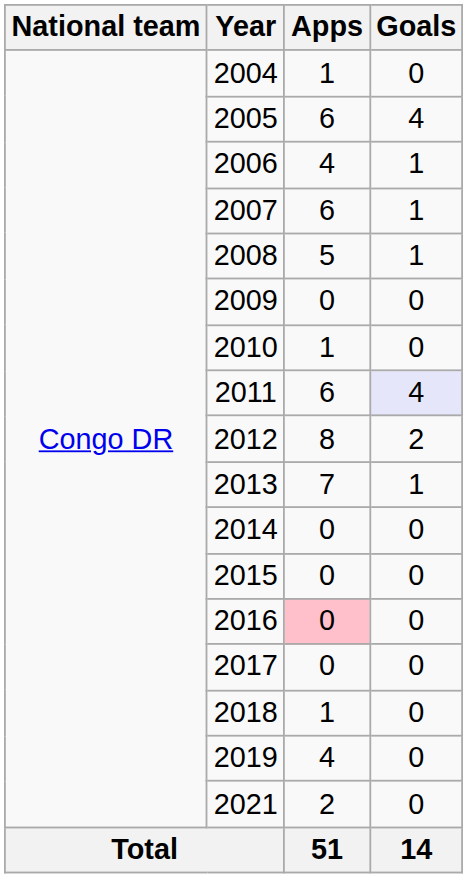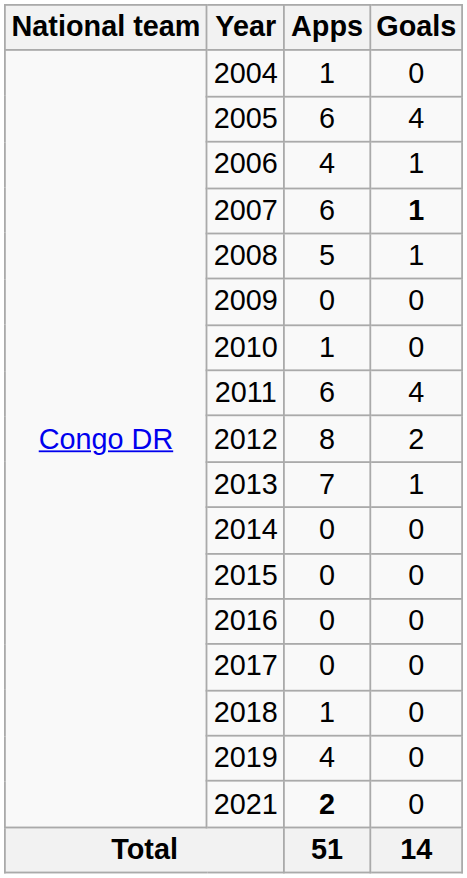 <table class="wikitable" style="text-align:center">
 <tr>
 <th>National team</th>
 <th>Year</th>
 <th>Apps</th>
 <th>Goals</th>
 </tr>
 <tr>
 <td rowspan="17"><a href='#'>Congo DR</a></td>
 <td>2004</td>
 <td>1</td>
 <td>0</td>
 </tr>
 <tr>
 <td>2005</td>
 <td>6</td>
 <td>4</td>
 </tr>
 <tr>
 <td>2006</td>
 <td>4</td>
 <td>1</td>
 </tr>
 <tr>
 <td>2007</td>
 <td>6</td>
-<td>1</td>
+<td><strong>1</strong></td>
 </tr>
 <tr>
 <td>2008</td>
 <td>5</td>
 <td>1</td>
 </tr>
 <tr>
 <td>2009</td>
 <td>0</td>
 <td>0</td>
 </tr>
 <tr>
 <td>2010</td>
 <td>1</td>
 <td>0</td>
 </tr>
 <tr>
 <td>2011</td>
 <td>6</td>
-<td style="background: lavender;">4</td>
+<td>4</td>
 </tr>
 <tr>
 <td>2012</td>
 <td>8</td>
 <td>2</td>
 </tr>
 <tr>
 <td>2013</td>
 <td>7</td>
 <td>1</td>
 </tr>
 <tr>
 <td>2014</td>
 <td>0</td>
 <td>0</td>
 </tr>
 <tr>
 <td>2015</td>
 <td>0</td>
 <td>0</td>
 </tr>
 <tr>
 <td>2016</td>
-<td style="background: pink;">0</td>
+<td>0</td>
 <td>0</td>
 </tr>
 <tr>
 <td>2017</td>
 <td>0</td>
 <td>0</td>
 </tr>
 <tr>
 <td>2018</td>
 <td>1</td>
 <td>0</td>
 </tr>
 <tr>
 <td>2019</td>
 <td>4</td>
 <td>0</td>
 </tr>
 <tr>
 <td>2021</td>
-<td>2</td>
+<td><strong>2</strong></td>
 <td>0</td>
 </tr>
 <tr>
 <th colspan="2">Total</th>
 <th>51</th>
 <th>14</th>
 </tr>
 </table>
